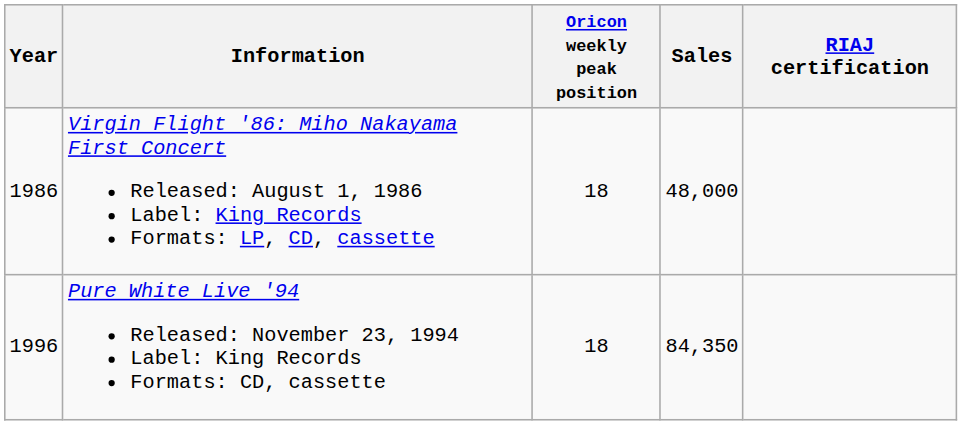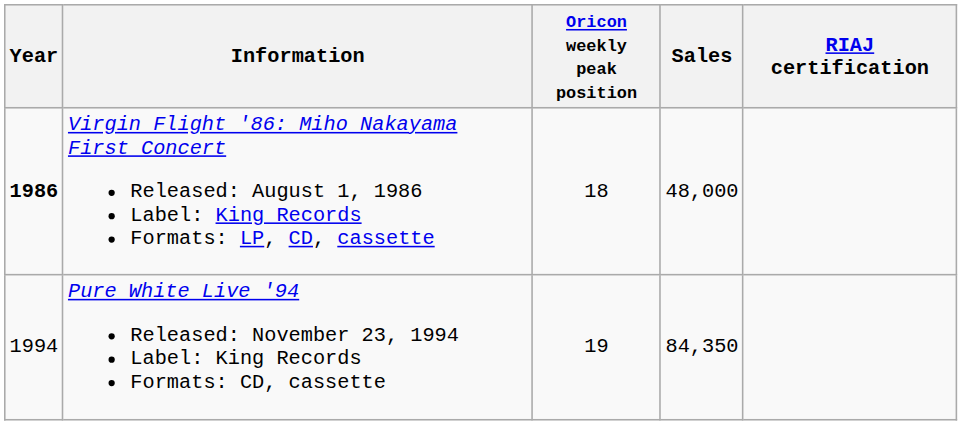 <table class="wikitable">
 <tr>
 <th>Year</th>
 <th>Information</th>
 <th><small><a href='#'>Oricon</a> weekly<br>peak position</small></th>
 <th>Sales<br></th>
 <th><a href='#'>RIAJ</a> certification</th>
 </tr>
 <tr>
-<td>1986</td>
+<td><strong>1986</strong></td>
 <td><em><a href='#'>Virgin Flight '86: Miho Nakayama First Concert</a></em><br><ul><li>Released: August 1, 1986</li><li>Label: <a href='#'>King Records</a></li><li>Formats: <a href='#'>LP</a>, <a href='#'>CD</a>, <a href='#'>cassette</a></li></ul></td>
 <td style="text-align:center;">18</td>
 <td align="left">48,000</td>
 <td align="left"></td>
 </tr>
 <tr>
-<td>1996</td>
+<td>1994</td>
 <td><em><a href='#'>Pure White Live '94</a></em><br><ul><li>Released: November 23, 1994</li><li>Label: King Records</li><li>Formats: CD, cassette</li></ul></td>
-<td style="text-align:center;">18</td>
+<td style="text-align:center;">19</td>
 <td align="left">84,350</td>
 <td align="left"></td>
 </tr>
 </table>
